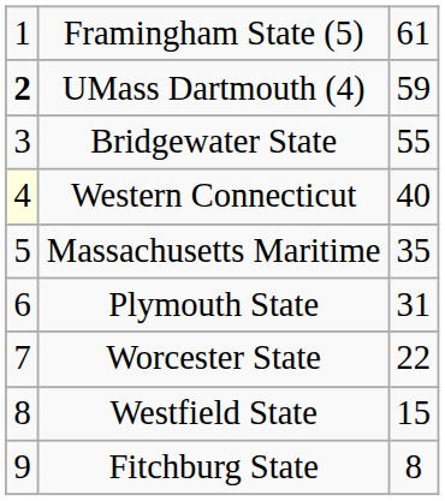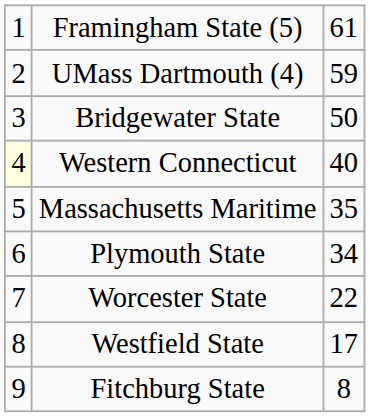 <table class="wikitable" style="display: inline-table;">
 <tr align="center">
 <td>1</td>
 <td>Framingham State (5)</td>
 <td>61</td>
 </tr>
 <tr align="center">
-<td><strong>2</strong></td>
+<td>2</td>
 <td>UMass Dartmouth (4)</td>
 <td>59</td>
 </tr>
 <tr align="center">
 <td>3</td>
 <td>Bridgewater State</td>
-<td>55</td>
+<td>50</td>
 </tr>
 <tr align="center">
 <td style="background: lightyellow;">4</td>
 <td>Western Connecticut</td>
 <td>40</td>
 </tr>
 <tr align="center">
 <td>5</td>
 <td>Massachusetts Maritime</td>
 <td>35</td>
 </tr>
 <tr align="center">
 <td>6</td>
 <td>Plymouth State</td>
-<td>31</td>
+<td>34</td>
 </tr>
 <tr align="center">
 <td>7</td>
 <td>Worcester State</td>
 <td>22</td>
 </tr>
 <tr align="center">
 <td>8</td>
 <td>Westfield State</td>
-<td>15</td>
+<td>17</td>
 </tr>
 <tr align="center">
 <td>9</td>
 <td>Fitchburg State</td>
 <td>8</td>
 </tr>
 </table>
